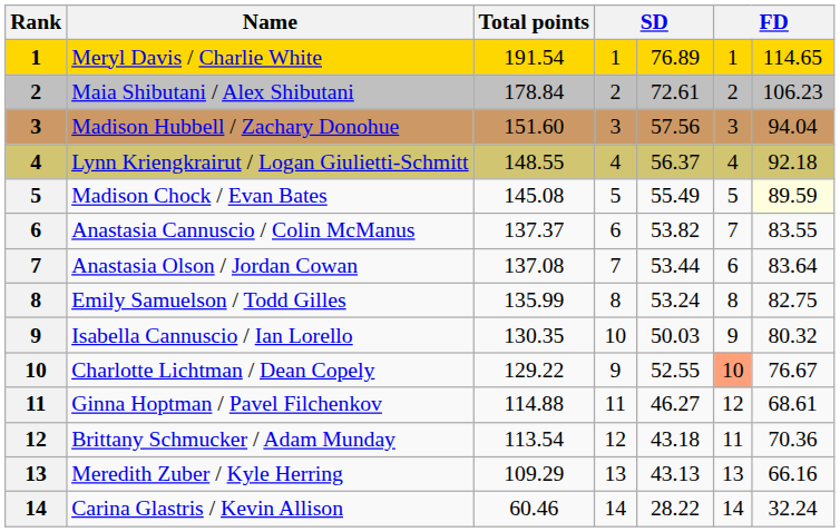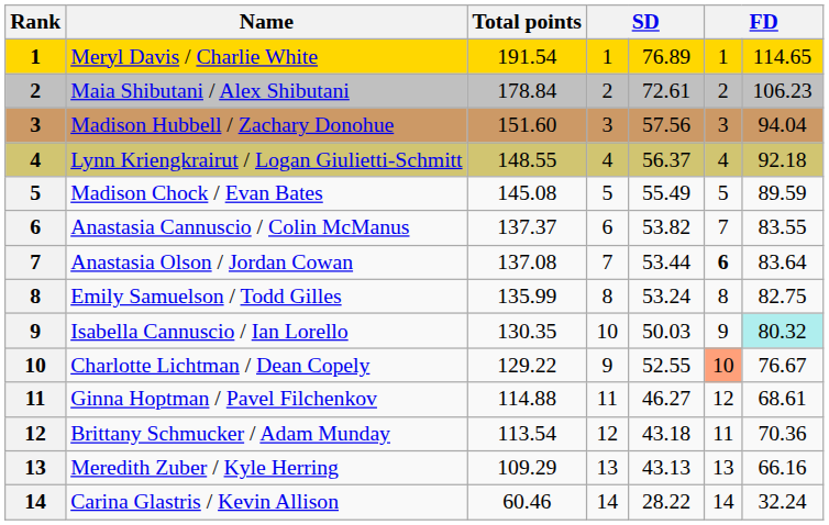 <table class="wikitable sortable">
 <tr>
 <th>Rank</th>
 <th>Name</th>
 <th>Total points</th>
 <th colspan="2" width="80px"><a href='#'>SD</a></th>
 <th colspan="2" width="80px"><a href='#'>FD</a></th>
 </tr>
 <tr bgcolor="gold">
 <td align="center"><strong>1</strong></td>
 <td><a href='#'>Meryl Davis</a> / <a href='#'>Charlie White</a></td>
 <td align="center">191.54</td>
 <td align="center">1</td>
 <td align="center">76.89</td>
 <td align="center">1</td>
 <td align="center">114.65</td>
 </tr>
 <tr bgcolor="silver">
 <td align="center"><strong>2</strong></td>
 <td><a href='#'>Maia Shibutani</a> / <a href='#'>Alex Shibutani</a></td>
 <td align="center">178.84</td>
 <td align="center">2</td>
 <td align="center">72.61</td>
 <td align="center">2</td>
 <td align="center">106.23</td>
 </tr>
 <tr bgcolor="cc9966">
 <td align="center"><strong>3</strong></td>
 <td><a href='#'>Madison Hubbell</a> / <a href='#'>Zachary Donohue</a></td>
 <td align="center">151.60</td>
 <td align="center">3</td>
 <td align="center">57.56</td>
 <td align="center">3</td>
 <td align="center">94.04</td>
 </tr>
 <tr bgcolor="#d1c571">
 <td align="center"><strong>4</strong></td>
 <td><a href='#'>Lynn Kriengkrairut</a> / <a href='#'>Logan Giulietti-Schmitt</a></td>
 <td align="center">148.55</td>
 <td align="center">4</td>
 <td align="center">56.37</td>
 <td align="center">4</td>
 <td align="center">92.18</td>
 </tr>
 <tr>
 <th>5</th>
 <td><a href='#'>Madison Chock</a> / <a href='#'>Evan Bates</a></td>
 <td align="center">145.08</td>
 <td align="center">5</td>
 <td align="center">55.49</td>
 <td align="center">5</td>
-<td align="center" style="background: lightyellow;">89.59</td>
+<td align="center">89.59</td>
 </tr>
 <tr>
 <th>6</th>
 <td><a href='#'>Anastasia Cannuscio</a> / <a href='#'>Colin McManus</a></td>
 <td align="center">137.37</td>
 <td align="center">6</td>
 <td align="center">53.82</td>
 <td align="center">7</td>
 <td align="center">83.55</td>
 </tr>
 <tr>
 <th>7</th>
 <td><a href='#'>Anastasia Olson</a> / <a href='#'>Jordan Cowan</a></td>
 <td align="center">137.08</td>
 <td align="center">7</td>
 <td align="center">53.44</td>
-<td align="center">6</td>
+<td align="center"><strong>6</strong></td>
 <td align="center">83.64</td>
 </tr>
 <tr>
 <th>8</th>
 <td><a href='#'>Emily Samuelson</a> / <a href='#'>Todd Gilles</a></td>
 <td align="center">135.99</td>
 <td align="center">8</td>
 <td align="center">53.24</td>
 <td align="center">8</td>
 <td align="center">82.75</td>
 </tr>
 <tr>
 <th>9</th>
 <td><a href='#'>Isabella Cannuscio</a> / <a href='#'>Ian Lorello</a></td>
 <td align="center">130.35</td>
 <td align="center">10</td>
 <td align="center">50.03</td>
 <td align="center">9</td>
-<td align="center">80.32</td>
+<td align="center" style="background: paleturquoise;">80.32</td>
 </tr>
 <tr>
 <th>10</th>
 <td><a href='#'>Charlotte Lichtman</a> / <a href='#'>Dean Copely</a></td>
 <td align="center">129.22</td>
 <td align="center">9</td>
 <td align="center">52.55</td>
 <td align="center" style="background: lightsalmon;">10</td>
 <td align="center">76.67</td>
 </tr>
 <tr>
 <th>11</th>
 <td><a href='#'>Ginna Hoptman</a> / <a href='#'>Pavel Filchenkov</a></td>
 <td align="center">114.88</td>
 <td align="center">11</td>
 <td align="center">46.27</td>
 <td align="center">12</td>
 <td align="center">68.61</td>
 </tr>
 <tr>
 <th>12</th>
 <td><a href='#'>Brittany Schmucker</a> / <a href='#'>Adam Munday</a></td>
 <td align="center">113.54</td>
 <td align="center">12</td>
 <td align="center">43.18</td>
 <td align="center">11</td>
 <td align="center">70.36</td>
 </tr>
 <tr>
 <th>13</th>
 <td><a href='#'>Meredith Zuber</a> / <a href='#'>Kyle Herring</a></td>
 <td align="center">109.29</td>
 <td align="center">13</td>
 <td align="center">43.13</td>
 <td align="center">13</td>
 <td align="center">66.16</td>
 </tr>
 <tr>
 <th>14</th>
 <td><a href='#'>Carina Glastris</a> / <a href='#'>Kevin Allison</a></td>
 <td align="center">60.46</td>
 <td align="center">14</td>
 <td align="center">28.22</td>
 <td align="center">14</td>
 <td align="center">32.24</td>
 </tr>
 </table>
